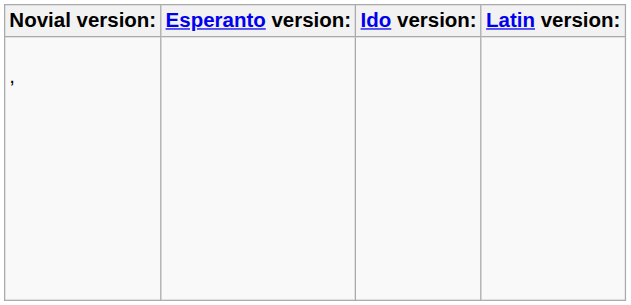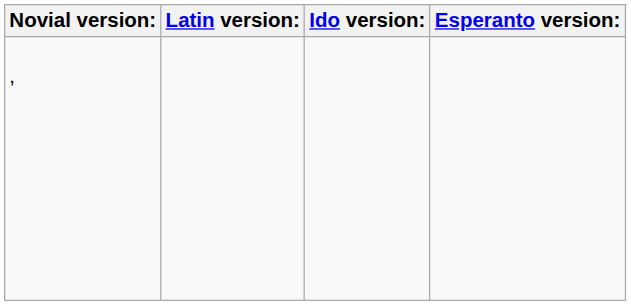 <table class="wikitable">
 <tr>
 <th>Novial version:</th>
+<th><a href='#'>Latin</a> version:</th>
+<th><a href='#'>Ido</a> version:</th>
 <th><a href='#'>Esperanto</a> version:</th>
-<th><a href='#'>Ido</a> version:</th>
-<th><a href='#'>Latin</a> version:</th>
 </tr>
 <tr>
 <td><br>,<br> <br> <br> <br> <br> <br> <br> <br> <br> <br> </td>
 <td><br><br> <br> <br> <br> <br> <br> <br> <br> <br> <br> </td>
 <td><br><br> <br> <br> <br> <br> <br> <br> <br> <br> <br> </td>
 <td><br><br> <br> <br> <br> <br> <br> <br> <br> <br> <br> </td>
 </tr>
 </table>
